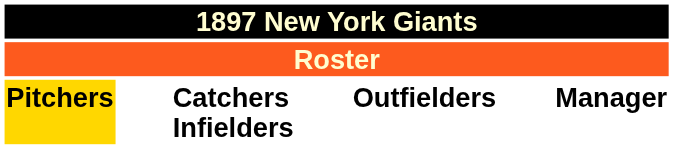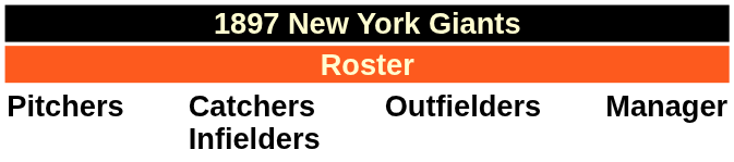 <table class="toccolours" style="font-size: 95%;">
 <tr>
 <th colspan="10" style="background-color: black; color: #FFFDD0; text-align: center;">1897 New York Giants</th>
 </tr>
 <tr>
 <td colspan="10" style="background-color: #fd5a1e; color: #FFFDD0; text-align: center;"><strong>Roster</strong></td>
 </tr>
 <tr>
-<td valign="top" style="background: gold;"><strong>Pitchers</strong><br>     </td>
+<td valign="top"><strong>Pitchers</strong><br>     </td>
 <td width="25px"></td>
 <td valign="top"><strong>Catchers</strong><br>   <strong>Infielders</strong>        </td>
 <td width="25px"></td>
 <td valign="top"><strong>Outfielders</strong><br>     </td>
 <td width="25px"></td>
 <td valign="top"><strong>Manager</strong><br></td>
 </tr>
 </table>
